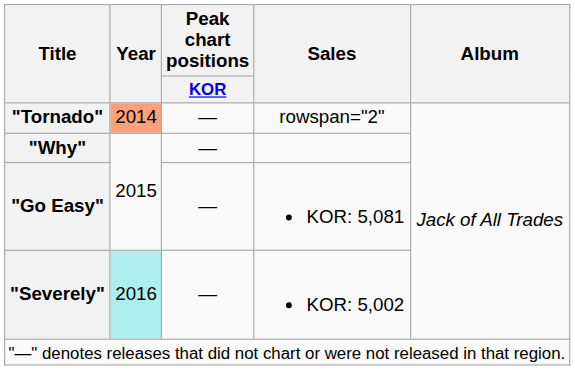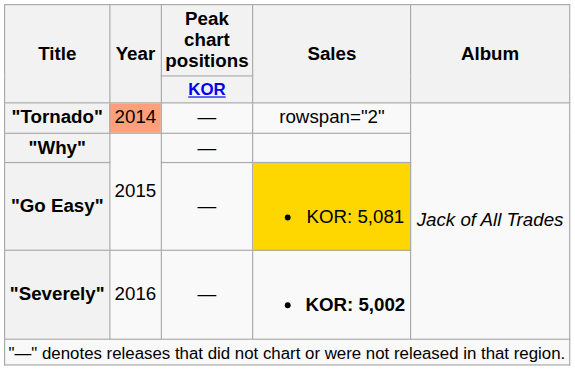 <table class="wikitable plainrowheaders" style="text-align:center;" border="1">
 <tr>
 <th scope="col" rowspan="2">Title</th>
 <th scope="col" rowspan="2">Year</th>
 <th scope="col" colspan="1">Peak chart positions</th>
 <th scope="col" rowspan="2">Sales<br></th>
 <th scope="col" rowspan="2">Album</th>
 </tr>
 <tr>
 <th scope="col" style="width:3em;font-size:90%"><a href='#'>KOR</a><br></th>
 </tr>
 <tr>
 <th scope="row">"Tornado" </th>
 <td style="background: lightsalmon;">2014</td>
 <td>—</td>
 <td>rowspan="2" </td>
 <td rowspan="4"><em>Jack of All Trades</em></td>
 </tr>
 <tr>
 <th scope="row">"Why" </th>
 <td rowspan="2">2015</td>
 <td>—</td>
 </tr>
 <tr>
 <th scope="row">"Go Easy" </th>
 <td>—</td>
-<td><br><ul><li>KOR: 5,081</li></ul></td>
+<td style="background: gold;"><br><ul><li>KOR: 5,081</li></ul></td>
 </tr>
 <tr>
 <th scope="row">"Severely" </th>
-<td style="background: paleturquoise;">2016</td>
+<td>2016</td>
 <td>—</td>
-<td><br><ul><li>KOR: 5,002</li></ul></td>
+<td><strong><br><ul><li>KOR: 5,002</li></ul></strong></td>
 </tr>
 <tr>
 <td colspan="5" style="font-size:90%">"—" denotes releases that did not chart or were not released in that region.</td>
 </tr>
 </table>
